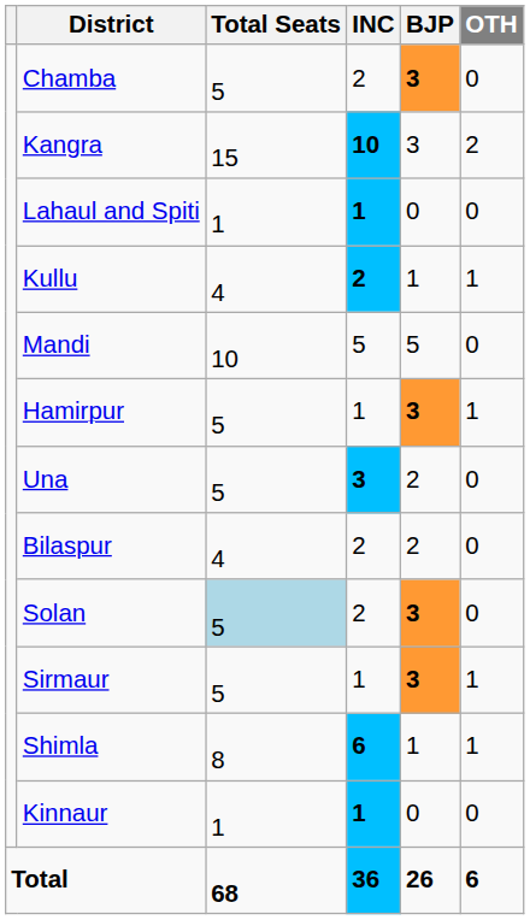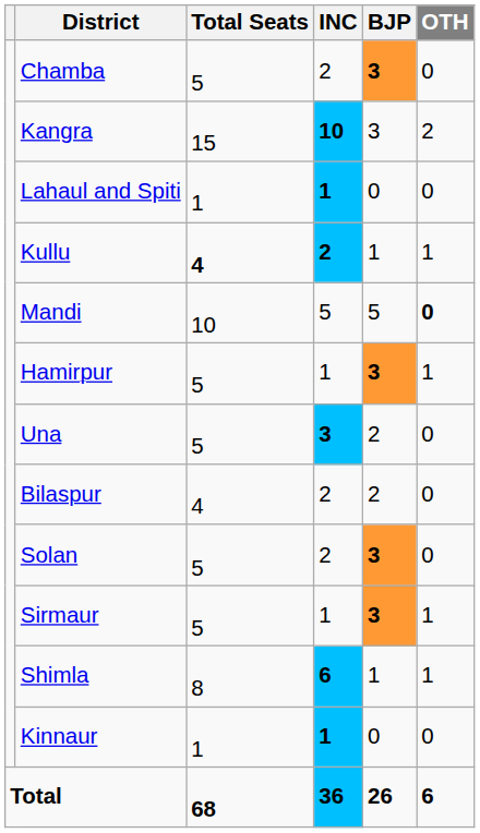 <table class="wikitable sortable" style="text-align:centre;">
 <tr>
 <th></th>
 <th>District</th>
 <th>Total Seats</th>
 <th style="background:">INC</th>
 <th style="background:">BJP</th>
 <th style="background:grey; color:white;">OTH</th>
 </tr>
 <tr>
 <td rowspan="12"></td>
 <td><a href='#'>Chamba</a></td>
 <td><br>5</td>
 <td>2</td>
 <td style="background:#FF9933"><strong>3</strong></td>
 <td>0</td>
 </tr>
 <tr>
 <td><a href='#'>Kangra</a></td>
 <td><br>15</td>
 <td style="background:#00BFFF"><strong>10</strong></td>
 <td>3</td>
 <td>2</td>
 </tr>
 <tr>
 <td><a href='#'>Lahaul and Spiti</a></td>
 <td><br>1</td>
 <td style="background:#00BFFF"><strong>1</strong></td>
 <td>0</td>
 <td>0</td>
 </tr>
 <tr>
 <td><a href='#'>Kullu</a></td>
-<td><br>4</td>
+<td><strong><br>4</strong></td>
 <td style="background:#00BFFF"><strong>2</strong></td>
 <td>1</td>
 <td>1</td>
 </tr>
 <tr>
 <td><a href='#'>Mandi</a></td>
 <td><br>10</td>
 <td>5</td>
 <td>5</td>
-<td>0</td>
+<td><strong>0</strong></td>
 </tr>
 <tr>
 <td><a href='#'>Hamirpur</a></td>
 <td><br>5</td>
 <td>1</td>
 <td style="background:#FF9933"><strong>3</strong></td>
 <td>1</td>
 </tr>
 <tr>
 <td><a href='#'>Una</a></td>
 <td><br>5</td>
 <td style="background:#00BFFF"><strong>3</strong></td>
 <td>2</td>
 <td>0</td>
 </tr>
 <tr>
 <td><a href='#'>Bilaspur</a></td>
 <td><br>4</td>
 <td>2</td>
 <td>2</td>
 <td>0</td>
 </tr>
 <tr>
 <td><a href='#'>Solan</a></td>
-<td style="background: lightblue;"><br>5</td>
+<td><br>5</td>
 <td>2</td>
 <td style="background:#FF9933"><strong>3</strong></td>
 <td>0</td>
 </tr>
 <tr>
 <td><a href='#'>Sirmaur</a></td>
 <td><br>5</td>
 <td>1</td>
 <td style="background:#FF9933"><strong>3</strong></td>
 <td>1</td>
 </tr>
 <tr>
 <td><a href='#'>Shimla</a></td>
 <td><br>8</td>
 <td style="background:#00BFFF"><strong>6</strong></td>
 <td>1</td>
 <td>1</td>
 </tr>
 <tr>
 <td><a href='#'>Kinnaur</a></td>
 <td><br>1</td>
 <td style="background:#00BFFF"><strong>1</strong></td>
 <td>0</td>
 <td>0</td>
 </tr>
 <tr>
 <td colspan="2"><strong> Total </strong></td>
 <td><br><strong> 68 </strong></td>
 <td style="background:#00BFFF"><strong>36</strong></td>
 <td><strong>26</strong></td>
 <td><strong>6</strong></td>
 </tr>
 </table>
